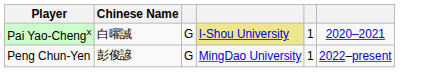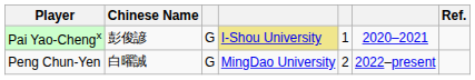 <table class="wikitable sortable" style="font-size:95%; text-align:left;">
 <tr>
 <th>Player</th>
 <th>Chinese Name</th>
 <th></th>
 <th></th>
 <th></th>
 <th></th>
+<th>Ref.</th>
 </tr>
 <tr>
 <td bgcolor="#CCFFCC">Pai Yao-Cheng<sup>x</sup></td>
-<td>白曜誠</td>
+<td>彭俊諺</td>
 <td align="center">G</td>
 <td style="background: khaki;"><a href='#'>I-Shou University</a></td>
 <td align="center">1</td>
 <td align="center"><a href='#'>2020–2021</a></td>
+<td></td>
 </tr>
 <tr>
 <td>Peng Chun-Yen</td>
-<td>彭俊諺</td>
+<td>白曜誠</td>
 <td align="center">G</td>
 <td><a href='#'>MingDao University</a></td>
-<td align="center">1</td>
+<td align="center">2</td>
 <td align="center"><a href='#'>2022</a>–<a href='#'>present</a></td>
+<td></td>
 </tr>
 </table>
